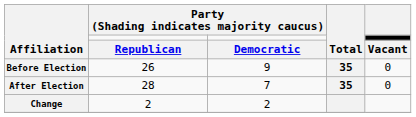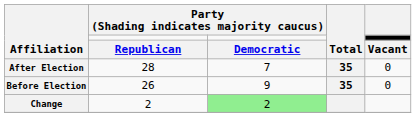 <table class=wikitable style="text-align:center">
 <tr style="vertical-align:bottom;">
 <th rowspan=3>Affiliation</th>
 <th colspan=2>Party <div>(Shading indicates majority caucus)</div></th>
 <th rowspan=3>Total</th>
 <th></th>
 </tr>
 <tr style="height:5px">
 <td style="background-color:"></td>
 <td style="background-color:"></td>
 <td style="background: black"></td>
 </tr>
 <tr>
 <th><a href='#'>Republican</a></th>
 <th><a href='#'>Democratic</a></th>
 <th>Vacant</th>
 </tr>
 <tr>
+<th nowrap style="font-size:80%">After Election</th>
+<td>28</td>
+<td>7</td>
+<th>35</th>
+<td>0</td>
+</tr>
+<tr>
 <th nowrap style="font-size:80%">Before Election</th>
 <td>26</td>
 <td>9</td>
 <th>35</th>
 <td>0</td>
 </tr>
 <tr>
-<th nowrap style="font-size:80%">After Election</th>
-<td>28</td>
-<td>7</td>
-<th>35</th>
-<td>0</td>
-</tr>
-<tr>
 <th nowrap style="font-size:80%">Change</th>
 <td> 2</td>
-<td> 2</td>
+<td style="background: lightgreen;"> 2</td>
 <th></th>
 <td></td>
 </tr>
 <tr>
 </tr>
 </table>
